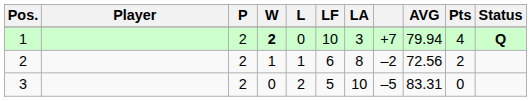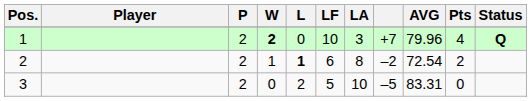 <table class="wikitable" style="text-align:center; margin: 1em auto 1em auto, align:left">
 <tr>
 <th width=25>Pos.</th>
 <th width=200>Player</th>
 <th width=25>P</th>
 <th width=25>W</th>
 <th width=25>L</th>
 <th width=25>LF</th>
 <th width=25>LA</th>
 <th width=25></th>
 <th width=35>AVG</th>
 <th width=25>Pts</th>
 <th width=50>Status</th>
 </tr>
 <tr>
 </tr>
 <tr style="background-color:#ccffcc">
 <td>1</td>
 <td align=left></td>
 <td>2</td>
 <td><strong>2</strong></td>
 <td>0</td>
 <td>10</td>
 <td>3</td>
 <td>+7</td>
-<td>79.94</td>
+<td>79.96</td>
 <td>4</td>
 <td><strong>Q</strong></td>
 </tr>
 <tr style=>
 <td>2</td>
 <td align=left></td>
 <td>2</td>
 <td>1</td>
-<td>1</td>
+<td><strong>1</strong></td>
 <td>6</td>
 <td>8</td>
 <td>–2</td>
-<td>72.56</td>
+<td>72.54</td>
 <td>2</td>
 <td></td>
 </tr>
 <tr style=>
 <td>3</td>
 <td align=left></td>
 <td>2</td>
 <td>0</td>
 <td>2</td>
 <td>5</td>
 <td>10</td>
 <td>–5</td>
 <td>83.31</td>
 <td>0</td>
 <td></td>
 </tr>
 </table>
